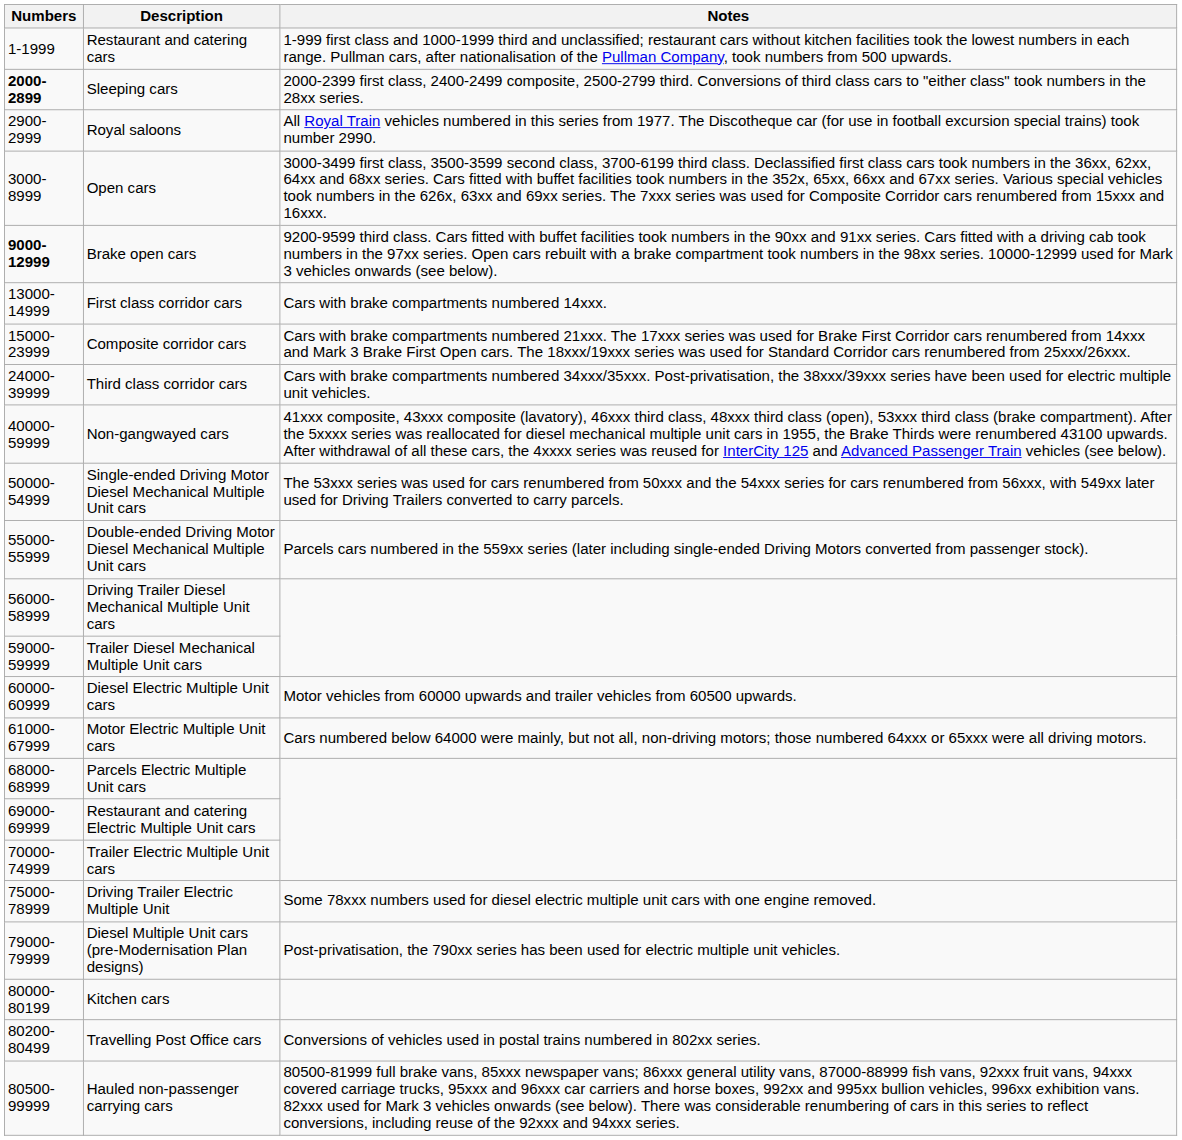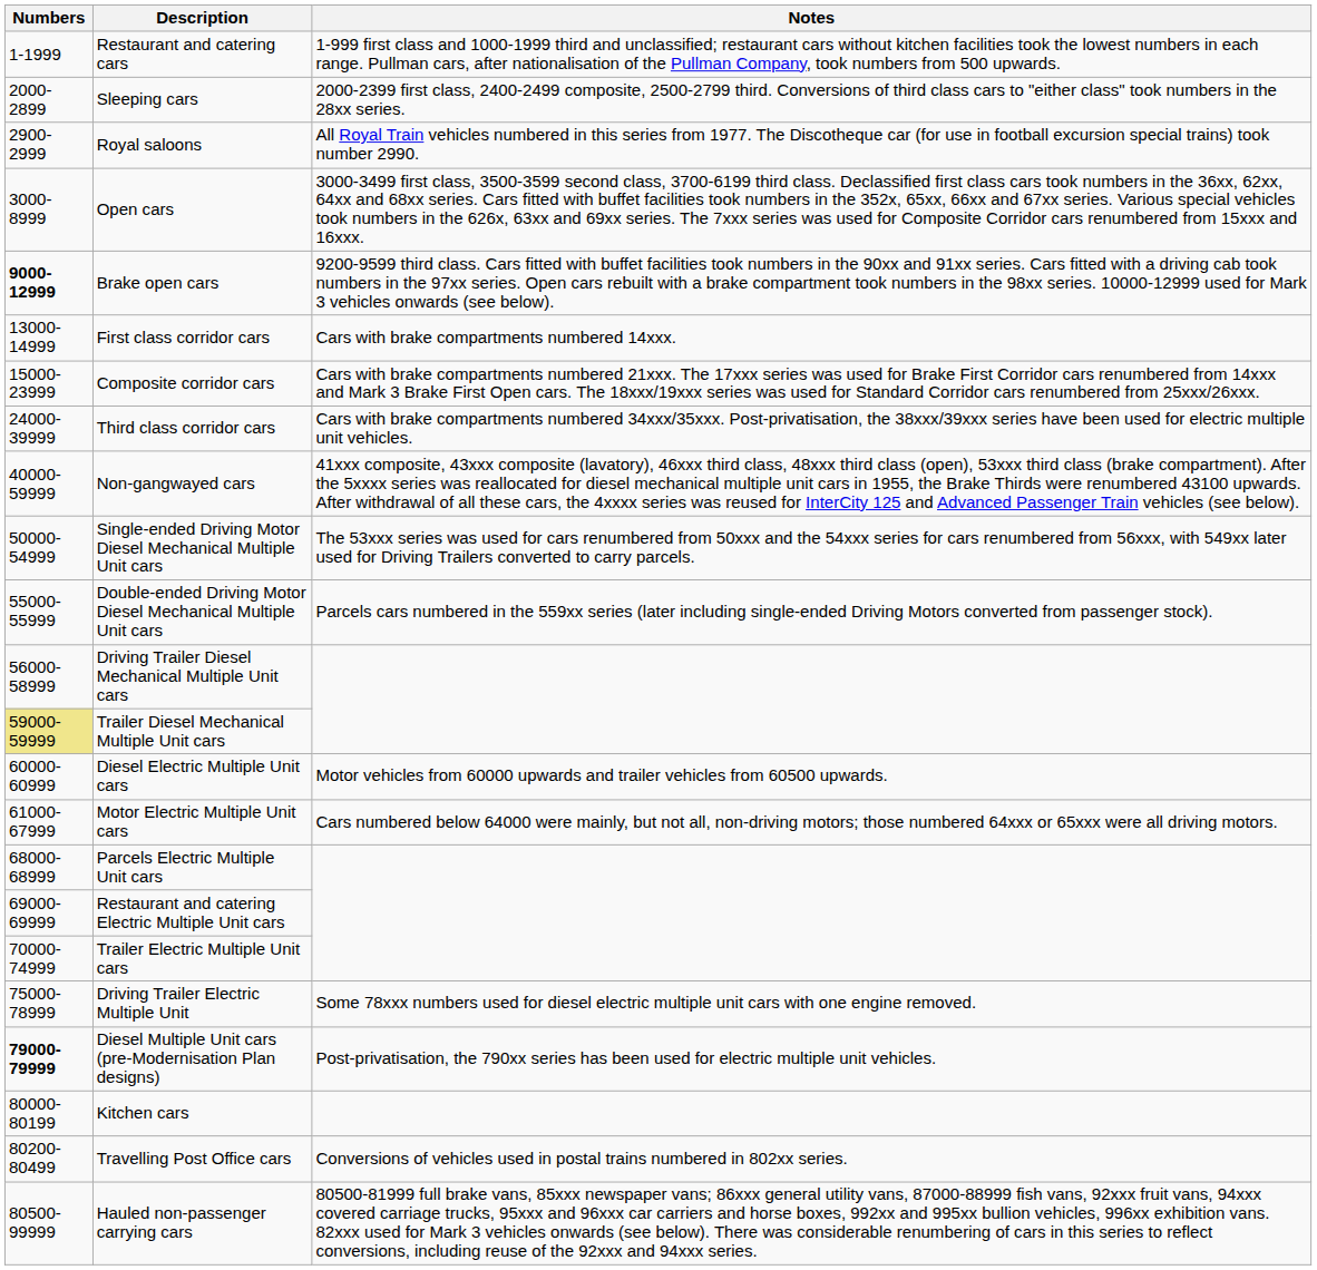 <table class="wikitable" border="1">
 <tr>
 <th>Numbers</th>
 <th>Description</th>
 <th>Notes</th>
 </tr>
 <tr>
 <td>1-1999</td>
 <td>Restaurant and catering cars</td>
 <td>1-999 first class and 1000-1999 third and unclassified; restaurant cars without kitchen facilities took the lowest numbers in each range. Pullman cars, after nationalisation of the <a href='#'>Pullman Company</a>, took numbers from 500 upwards.</td>
 </tr>
 <tr>
-<td><strong>2000-2899</strong></td>
+<td>2000-2899</td>
 <td>Sleeping cars</td>
 <td>2000-2399 first class, 2400-2499 composite, 2500-2799 third. Conversions of third class cars to "either class" took numbers in the 28xx series.</td>
 </tr>
 <tr>
 <td>2900-2999</td>
 <td>Royal saloons</td>
 <td>All <a href='#'>Royal Train</a> vehicles numbered in this series from 1977. The Discotheque car (for use in football excursion special trains) took number 2990.</td>
 </tr>
 <tr>
 <td>3000-8999</td>
 <td>Open cars</td>
 <td>3000-3499 first class, 3500-3599 second class, 3700-6199 third class. Declassified first class cars took numbers in the 36xx, 62xx, 64xx and 68xx series. Cars fitted with buffet facilities took numbers in the 352x, 65xx, 66xx and 67xx series. Various special vehicles took numbers in the 626x, 63xx and 69xx series. The 7xxx series was used for Composite Corridor cars renumbered from 15xxx and 16xxx.</td>
 </tr>
 <tr>
 <td><strong>9000-12999</strong></td>
 <td>Brake open cars</td>
 <td>9200-9599 third class. Cars fitted with buffet facilities took numbers in the 90xx and 91xx series. Cars fitted with a driving cab took numbers in the 97xx series. Open cars rebuilt with a brake compartment took numbers in the 98xx series. 10000-12999 used for Mark 3 vehicles onwards (see below).</td>
 </tr>
 <tr>
 <td>13000-14999</td>
 <td>First class corridor cars</td>
 <td>Cars with brake compartments numbered 14xxx.</td>
 </tr>
 <tr>
 <td>15000-23999</td>
 <td>Composite corridor cars</td>
 <td>Cars with brake compartments numbered 21xxx. The 17xxx series was used for Brake First Corridor cars renumbered from 14xxx and Mark 3 Brake First Open cars. The 18xxx/19xxx series was used for Standard Corridor cars renumbered from 25xxx/26xxx.</td>
 </tr>
 <tr>
 <td>24000-39999</td>
 <td>Third class corridor cars</td>
 <td>Cars with brake compartments numbered 34xxx/35xxx. Post-privatisation, the 38xxx/39xxx series have been used for electric multiple unit vehicles.</td>
 </tr>
 <tr>
 <td>40000-59999</td>
 <td>Non-gangwayed cars</td>
 <td>41xxx composite, 43xxx composite (lavatory), 46xxx third class, 48xxx third class (open), 53xxx third class (brake compartment). After the 5xxxx series was reallocated for diesel mechanical multiple unit cars in 1955, the Brake Thirds were renumbered 43100 upwards. After withdrawal of all these cars, the 4xxxx series was reused for <a href='#'>InterCity 125</a> and <a href='#'>Advanced Passenger Train</a> vehicles (see below).</td>
 </tr>
 <tr>
 <td>50000-54999</td>
 <td>Single-ended Driving Motor Diesel Mechanical Multiple Unit cars</td>
 <td>The 53xxx series was used for cars renumbered from 50xxx and the 54xxx series for cars renumbered from 56xxx, with 549xx later used for Driving Trailers converted to carry parcels.</td>
 </tr>
 <tr>
 <td>55000-55999</td>
 <td>Double-ended Driving Motor Diesel Mechanical Multiple Unit cars</td>
 <td>Parcels cars numbered in the 559xx series (later including single-ended Driving Motors converted from passenger stock).</td>
 </tr>
 <tr>
 <td>56000-58999</td>
 <td>Driving Trailer Diesel Mechanical Multiple Unit cars</td>
 </tr>
 <tr>
-<td>59000-59999</td>
+<td style="background: khaki;">59000-59999</td>
 <td>Trailer Diesel Mechanical Multiple Unit cars</td>
 </tr>
 <tr>
 <td>60000-60999</td>
 <td>Diesel Electric Multiple Unit cars</td>
 <td>Motor vehicles from 60000 upwards and trailer vehicles from 60500 upwards.</td>
 </tr>
 <tr>
 <td>61000-67999</td>
 <td>Motor Electric Multiple Unit cars</td>
 <td>Cars numbered below 64000 were mainly, but not all, non-driving motors; those numbered 64xxx or 65xxx were all driving motors.</td>
 </tr>
 <tr>
 <td>68000-68999</td>
 <td>Parcels Electric Multiple Unit cars</td>
 </tr>
 <tr>
 <td>69000-69999</td>
 <td>Restaurant and catering Electric Multiple Unit cars</td>
 </tr>
 <tr>
 <td>70000-74999</td>
 <td>Trailer Electric Multiple Unit cars</td>
 </tr>
 <tr>
 <td>75000-78999</td>
 <td>Driving Trailer Electric Multiple Unit</td>
 <td>Some 78xxx numbers used for diesel electric multiple unit cars with one engine removed.</td>
 </tr>
 <tr>
-<td>79000-79999</td>
+<td><strong>79000-79999</strong></td>
 <td>Diesel Multiple Unit cars (pre-Modernisation Plan designs)</td>
 <td>Post-privatisation, the 790xx series has been used for electric multiple unit vehicles.</td>
 </tr>
 <tr>
 <td>80000-80199</td>
 <td>Kitchen cars</td>
 </tr>
 <tr>
 <td>80200-80499</td>
 <td>Travelling Post Office cars</td>
 <td>Conversions of vehicles used in postal trains numbered in 802xx series.</td>
 </tr>
 <tr>
 <td>80500-99999</td>
 <td>Hauled non-passenger carrying cars</td>
 <td>80500-81999 full brake vans, 85xxx newspaper vans; 86xxx general utility vans, 87000-88999 fish vans, 92xxx fruit vans, 94xxx covered carriage trucks, 95xxx and 96xxx car carriers and horse boxes, 992xx and 995xx bullion vehicles, 996xx exhibition vans. 82xxx used for Mark 3 vehicles onwards (see below). There was considerable renumbering of cars in this series to reflect conversions, including reuse of the 92xxx and 94xxx series.</td>
 </tr>
 </table>
